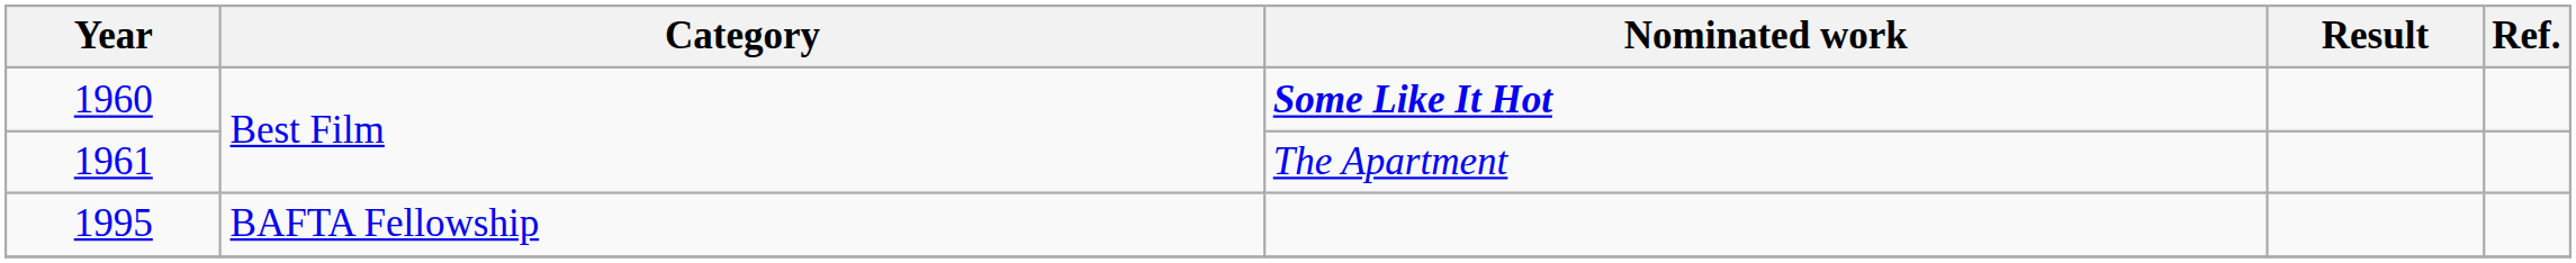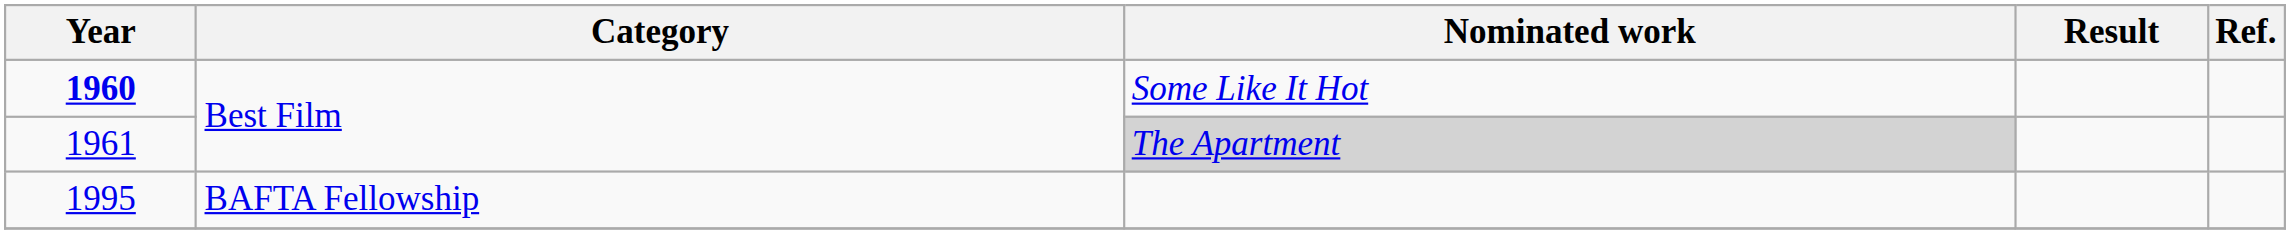 <table class=wikitable>
 <tr>
 <th scope="col" style="width:5em;">Year</th>
 <th scope="col" style="width:26em;">Category</th>
 <th scope="col" style="width:25em;">Nominated work</th>
 <th scope="col" style="width:5em;">Result</th>
 <th>Ref.</th>
 </tr>
 <tr>
-<td style="text-align:center;"><a href='#'>1960</a></td>
+<td style="text-align:center;"><strong><a href='#'>1960</a></strong></td>
 <td rowspan=2><a href='#'>Best Film</a></td>
-<td><strong><em><a href='#'>Some Like It Hot</a></em></strong></td>
+<td><em><a href='#'>Some Like It Hot</a></em></td>
 <td></td>
 <td style="text-align:center;"></td>
 </tr>
 <tr>
 <td style="text-align:center;"><a href='#'>1961</a></td>
-<td><em><a href='#'>The Apartment</a></em></td>
+<td style="background: lightgrey;"><em><a href='#'>The Apartment</a></em></td>
 <td></td>
 <td style="text-align:center;"></td>
 </tr>
 <tr>
 <td style="text-align:center;"><a href='#'>1995</a></td>
 <td><a href='#'>BAFTA Fellowship</a></td>
 <td></td>
 <td></td>
 <td style="text-align:center;"></td>
 </tr>
 <tr>
 </tr>
 </table>
